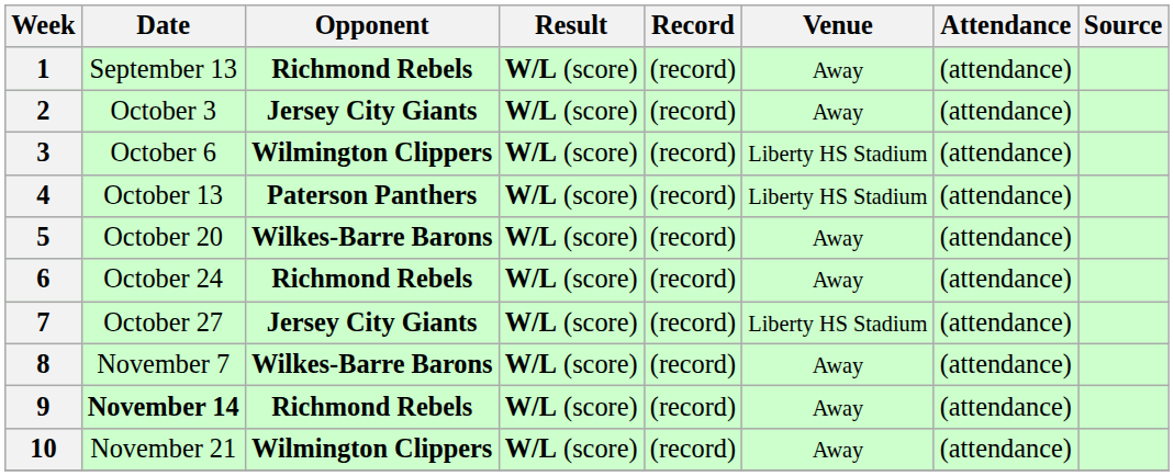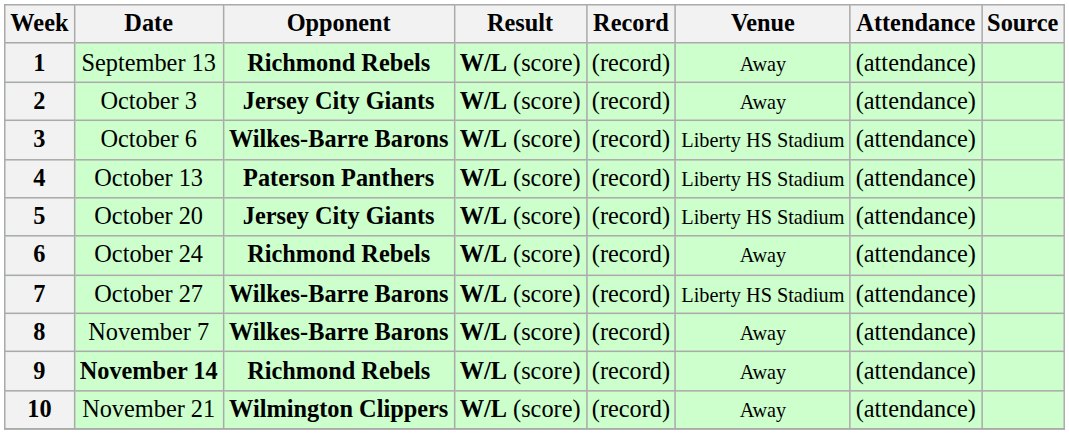 <table class="wikitable" style="text-align:center">
 <tr>
 <th>Week</th>
 <th>Date</th>
 <th>Opponent</th>
 <th>Result</th>
 <th>Record</th>
 <th>Venue</th>
 <th>Attendance</th>
 <th>Source</th>
 </tr>
 <tr style="background: #cfc;">
 <th>1</th>
 <td>September 13</td>
 <td><strong>Richmond Rebels</strong></td>
 <td><strong>W/L</strong> (score)</td>
 <td>(record)</td>
 <td><small>Away</small></td>
 <td>(attendance)</td>
 <td></td>
 </tr>
 <tr style="background: #cfc;">
 <th>2</th>
 <td>October 3</td>
 <td><strong>Jersey City Giants</strong></td>
 <td><strong>W/L</strong> (score)</td>
 <td>(record)</td>
 <td><small>Away</small></td>
 <td>(attendance)</td>
 <td></td>
 </tr>
 <tr style="background: #cfc;">
 <th>3</th>
 <td>October 6</td>
-<td><strong>Wilmington Clippers</strong></td>
+<td><strong>Wilkes-Barre Barons</strong></td>
 <td><strong>W/L</strong> (score)</td>
 <td>(record)</td>
 <td><small>Liberty HS Stadium</small></td>
 <td>(attendance)</td>
 <td></td>
 </tr>
 <tr style="background: #cfc;">
 <th>4</th>
 <td>October 13</td>
 <td><strong>Paterson Panthers</strong></td>
 <td><strong>W/L</strong> (score)</td>
 <td>(record)</td>
 <td><small>Liberty HS Stadium</small></td>
 <td>(attendance)</td>
 <td></td>
 </tr>
 <tr style="background: #cfc;">
 <th>5</th>
 <td>October 20</td>
-<td><strong>Wilkes-Barre Barons</strong></td>
+<td><strong>Jersey City Giants</strong></td>
 <td><strong>W/L</strong> (score)</td>
 <td>(record)</td>
-<td><small>Away</small></td>
+<td><small>Liberty HS Stadium</small></td>
 <td>(attendance)</td>
 <td></td>
 </tr>
 <tr style="background: #cfc;">
 <th>6</th>
 <td>October 24</td>
 <td><strong>Richmond Rebels</strong></td>
 <td><strong>W/L</strong> (score)</td>
 <td>(record)</td>
 <td><small>Away</small></td>
 <td>(attendance)</td>
 <td></td>
 </tr>
 <tr style="background: #cfc;">
 <th>7</th>
 <td>October 27</td>
-<td><strong>Jersey City Giants</strong></td>
+<td><strong>Wilkes-Barre Barons</strong></td>
 <td><strong>W/L</strong> (score)</td>
 <td>(record)</td>
 <td><small>Liberty HS Stadium</small></td>
 <td>(attendance)</td>
 <td></td>
 </tr>
 <tr style="background: #cfc;">
 <th>8</th>
 <td>November 7</td>
 <td><strong>Wilkes-Barre Barons</strong></td>
 <td><strong>W/L</strong> (score)</td>
 <td>(record)</td>
 <td><small>Away</small></td>
 <td>(attendance)</td>
 <td></td>
 </tr>
 <tr style="background: #cfc;">
 <th>9</th>
 <td><strong>November 14</strong></td>
 <td><strong>Richmond Rebels</strong></td>
 <td><strong>W/L</strong> (score)</td>
 <td>(record)</td>
 <td><small>Away</small></td>
 <td>(attendance)</td>
 <td></td>
 </tr>
 <tr style="background: #cfc;">
 <th>10</th>
 <td>November 21</td>
 <td><strong>Wilmington Clippers</strong></td>
 <td><strong>W/L</strong> (score)</td>
 <td>(record)</td>
 <td><small>Away</small></td>
 <td>(attendance)</td>
 <td></td>
 </tr>
 <tr style="background: #cfc;">
 </tr>
 </table>
